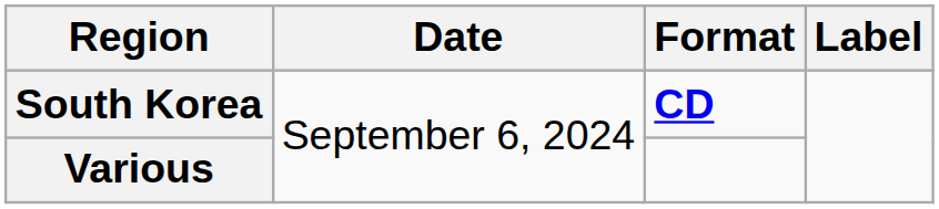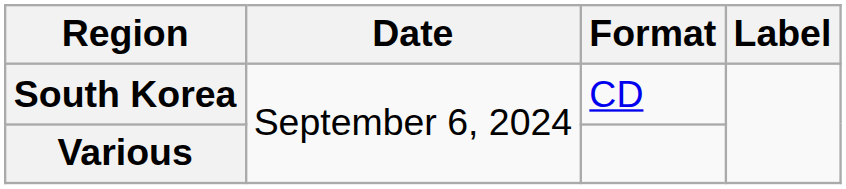 <table class="wikitable plainrowheaders">
 <tr>
 <th scope="col">Region</th>
 <th scope="col">Date</th>
 <th scope="col">Format</th>
 <th scope="col">Label</th>
 </tr>
 <tr>
 <th scope="row">South Korea</th>
 <td rowspan="2">September 6, 2024</td>
-<td><strong><a href='#'>CD</a></strong></td>
+<td><a href='#'>CD</a></td>
 <td rowspan="2"></td>
 </tr>
 <tr>
 <th scope="row">Various</th>
 <td></td>
 </tr>
 </table>
